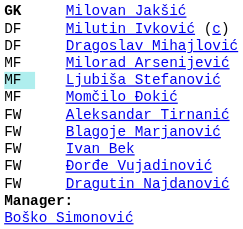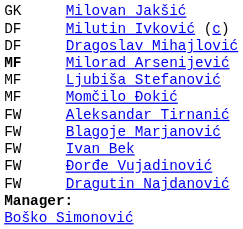 <table style="font-size:90%; margin:0.2em auto;" cellspacing="0" cellpadding="0">
 <tr>
 <th width="25"></th>
 <th width="25"></th>
 </tr>
 <tr>
-<td><strong>GK</strong></td>
+<td>GK</td>
 <td></td>
 <td><a href='#'>Milovan Jakšić</a></td>
 </tr>
 <tr>
 <td>DF</td>
 <td></td>
 <td><a href='#'>Milutin Ivković</a> (<a href='#'>c</a>)</td>
 </tr>
 <tr>
 <td>DF</td>
 <td></td>
 <td><a href='#'>Dragoslav Mihajlović</a></td>
 </tr>
 <tr>
-<td>MF</td>
+<td><strong>MF</strong></td>
 <td></td>
 <td><a href='#'>Milorad Arsenijević</a></td>
 </tr>
 <tr>
-<td style="background: paleturquoise;">MF</td>
+<td>MF</td>
 <td></td>
 <td><a href='#'>Ljubiša Stefanović</a></td>
 </tr>
 <tr>
 <td>MF</td>
 <td></td>
 <td><a href='#'>Momčilo Đokić</a></td>
 </tr>
 <tr>
 <td>FW</td>
 <td></td>
 <td><a href='#'>Aleksandar Tirnanić</a></td>
 </tr>
 <tr>
 <td>FW</td>
 <td></td>
 <td><a href='#'>Blagoje Marjanović</a></td>
 </tr>
 <tr>
 <td>FW</td>
 <td></td>
 <td><a href='#'>Ivan Bek</a></td>
 </tr>
 <tr>
 <td>FW</td>
 <td></td>
 <td><a href='#'>Đorđe Vujadinović</a></td>
 </tr>
 <tr>
 <td>FW</td>
 <td></td>
 <td><a href='#'>Dragutin Najdanović</a></td>
 </tr>
 <tr>
 <td colspan=3><strong>Manager:</strong></td>
 </tr>
 <tr>
 <td colspan=4><a href='#'>Boško Simonović</a></td>
 </tr>
 </table>
